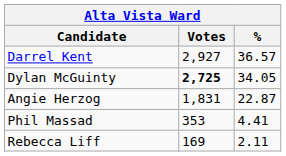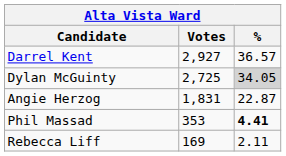 <table class="wikitable">
 <tr>
 <th colspan="3"><a href='#'>Alta Vista Ward</a></th>
 </tr>
 <tr>
 <th style="width: 170px">Candidate</th>
 <th style="width: 50px">Votes</th>
 <th style="width: 40px">%</th>
 </tr>
 <tr>
 <td><a href='#'>Darrel Kent</a></td>
 <td>2,927</td>
 <td>36.57</td>
 </tr>
 <tr>
 <td>Dylan McGuinty</td>
-<td><strong>2,725</strong></td>
-<td>34.05</td>
+<td>2,725</td>
+<td style="background: lightgrey;">34.05</td>
 </tr>
 <tr>
 <td>Angie Herzog</td>
 <td>1,831</td>
 <td>22.87</td>
 </tr>
 <tr>
 <td>Phil Massad</td>
 <td>353</td>
-<td>4.41</td>
+<td><strong>4.41</strong></td>
 </tr>
 <tr>
 <td>Rebecca Liff</td>
 <td>169</td>
 <td>2.11</td>
 </tr>
 </table>
